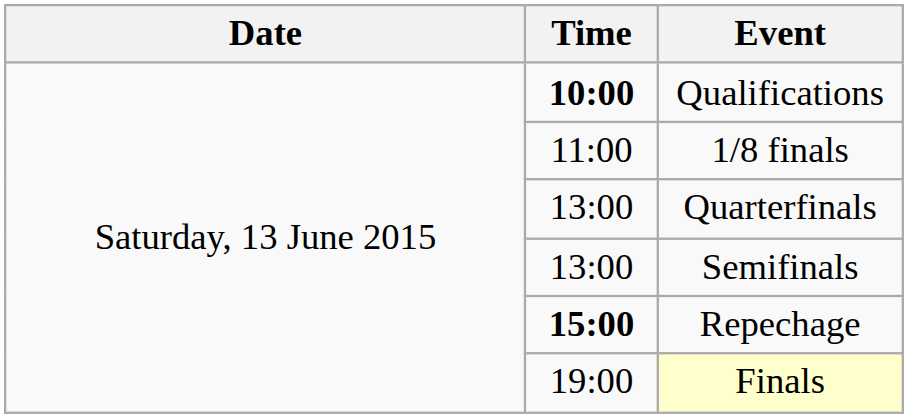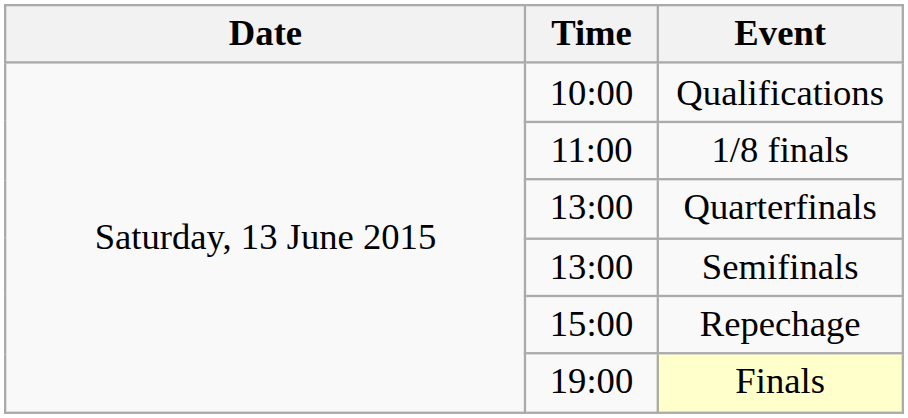 <table class = "wikitable" style="text-align:center;">
 <tr>
 <th width=220>Date</th>
 <th width=50>Time</th>
 <th width=100>Event</th>
 </tr>
 <tr>
 <td rowspan=6>Saturday, 13 June 2015</td>
-<td><strong>10:00</strong></td>
+<td>10:00</td>
 <td>Qualifications</td>
 </tr>
 <tr>
 <td>11:00</td>
 <td>1/8 finals</td>
 </tr>
 <tr>
 <td>13:00</td>
 <td>Quarterfinals</td>
 </tr>
 <tr>
 <td>13:00</td>
 <td>Semifinals</td>
 </tr>
 <tr>
-<td><strong>15:00</strong></td>
+<td>15:00</td>
 <td>Repechage</td>
 </tr>
 <tr>
 <td>19:00</td>
 <td bgcolor=ffffcc>Finals</td>
 </tr>
 </table>
